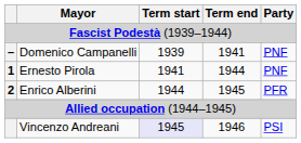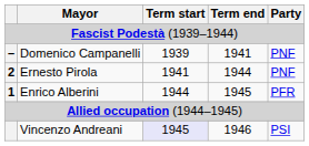 <table class="wikitable">
 <tr>
 <th class=unsortable> </th>
 <th>Mayor</th>
 <th>Term start</th>
 <th>Term end</th>
 <th>Party</th>
 </tr>
 <tr>
 <td colspan="8" bgcolor="lightgrey" align=center><strong><a href='#'>Fascist Podestà</a></strong> (1939–1944)</td>
 </tr>
 <tr>
 <th style="background:">–</th>
 <td>Domenico Campanelli</td>
 <td align=center>1939</td>
 <td align=center>1941</td>
 <td><a href='#'>PNF</a></td>
 </tr>
 <tr>
-<th rowspan=1 style="background:">1</th>
+<th rowspan=1 style="background:">2</th>
 <td>Ernesto Pirola</td>
 <td align=center>1941</td>
 <td align=center>1944</td>
 <td><a href='#'>PNF</a></td>
 </tr>
 <tr>
-<th rowspan=1 style="background:">2</th>
+<th rowspan=1 style="background:">1</th>
 <td>Enrico Alberini</td>
 <td align=center>1944</td>
 <td align=center>1945</td>
 <td><a href='#'>PFR</a></td>
 </tr>
 <tr>
 <td colspan="8" bgcolor="lightgrey" align=center><strong><a href='#'>Allied occupation</a></strong> (1944–1945)</td>
 </tr>
 <tr>
 <th rowspan=1 style="background:"></th>
 <td>Vincenzo Andreani</td>
 <td align=center style="background: lavender;">1945</td>
 <td align=center>1946</td>
 <td><a href='#'>PSI</a></td>
 </tr>
 </table>
